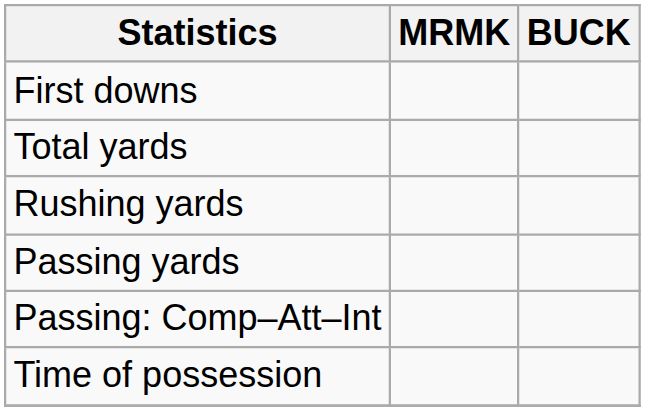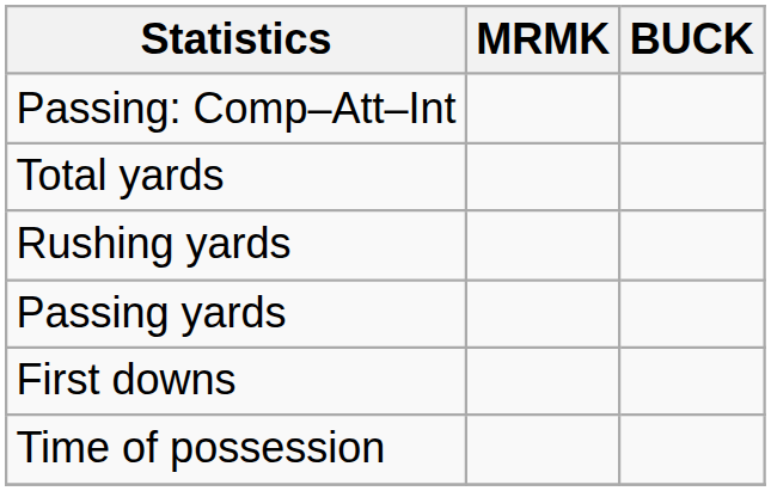 <table class="wikitable" style="float: left;">
 <tr>
 <th>Statistics</th>
 <th>MRMK</th>
 <th>BUCK</th>
 </tr>
 <tr>
-<td>First downs</td>
+<td>Passing: Comp–Att–Int</td>
 <td></td>
 <td></td>
 </tr>
 <tr>
 <td>Total yards</td>
 <td></td>
 <td></td>
 </tr>
 <tr>
 <td>Rushing yards</td>
 <td></td>
 <td></td>
 </tr>
 <tr>
 <td>Passing yards</td>
 <td></td>
 <td></td>
 </tr>
 <tr>
-<td>Passing: Comp–Att–Int</td>
+<td>First downs</td>
 <td></td>
 <td></td>
 </tr>
 <tr>
 <td>Time of possession</td>
 <td></td>
 <td></td>
 </tr>
 <tr>
 </tr>
 </table>
